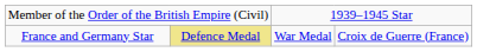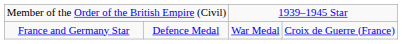 <table class="wikitable" style="margin:1em auto; text-align:center;">
 <tr>
 <td colspan=2>Member of the <a href='#'>Order of the British Empire</a> (Civil)</td>
 <td colspan=2><a href='#'>1939–1945 Star</a></td>
 </tr>
 <tr>
 <td><a href='#'>France and Germany Star</a></td>
-<td style="background: khaki;"><a href='#'>Defence Medal</a></td>
+<td><a href='#'>Defence Medal</a></td>
 <td><a href='#'>War Medal</a></td>
 <td><a href='#'>Croix de Guerre (France)</a></td>
 </tr>
 </table>
